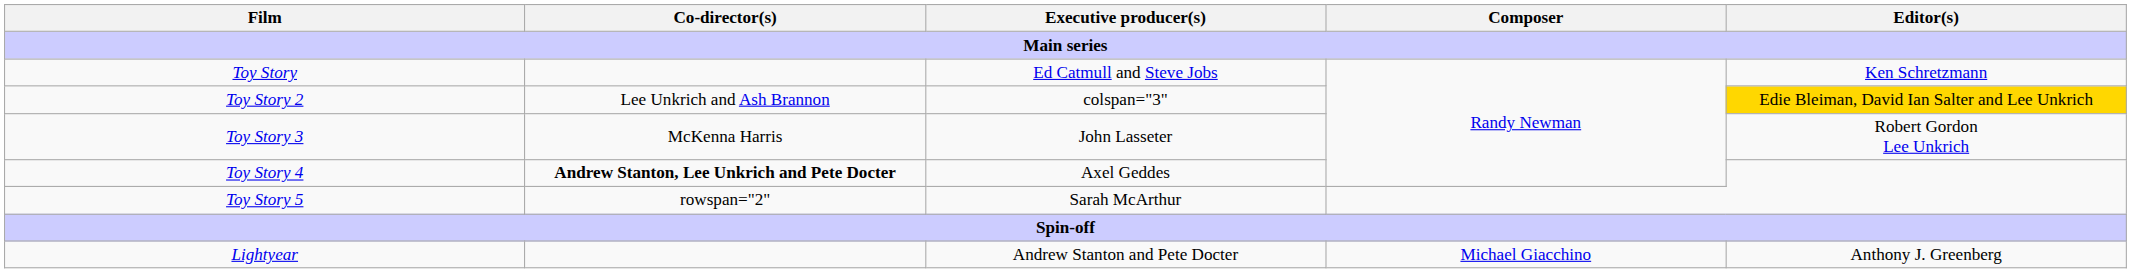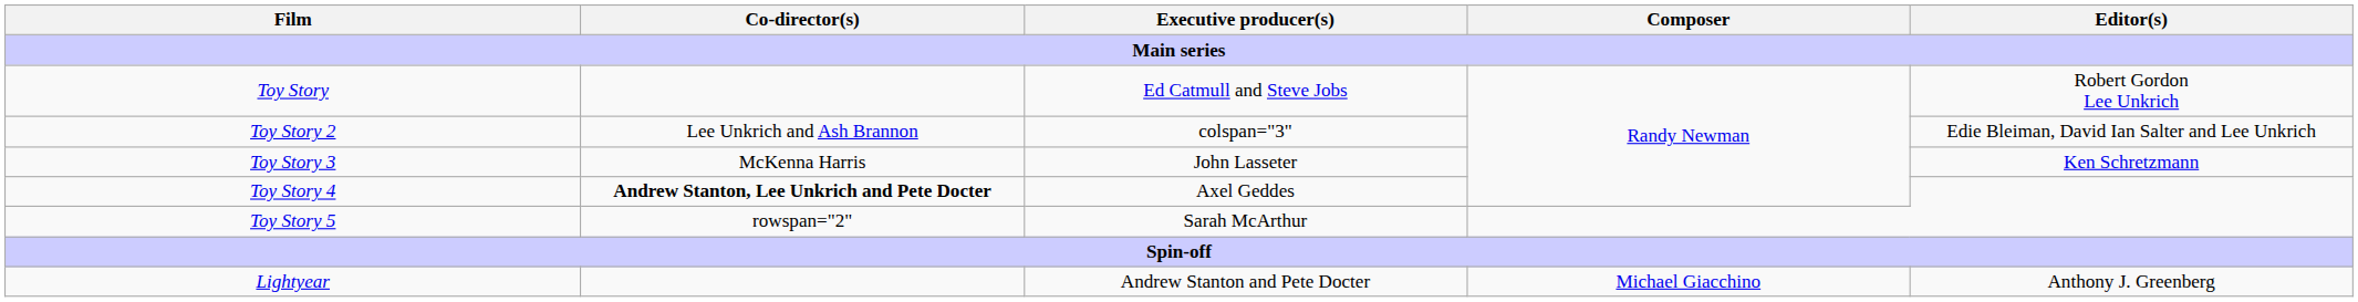 <table class="wikitable" style="width:100%; text-align:center;">
 <tr>
 <th width=13%>Film</th>
 <th width=10%>Co-director(s)</th>
 <th width=10%>Executive producer(s)</th>
 <th width=10%>Composer</th>
 <th width=10%>Editor(s)</th>
 </tr>
 <tr>
 <th colspan="5" scope="col" style="background-color:#ccccff;">Main series</th>
 </tr>
 <tr>
 <td><em><a href='#'>Toy Story</a></em></td>
 <td></td>
 <td><a href='#'>Ed Catmull</a> and <a href='#'>Steve Jobs</a></td>
 <td rowspan="4"><a href='#'>Randy Newman</a></td>
-<td><a href='#'>Ken Schretzmann</a></td>
+<td>Robert Gordon <br><a href='#'>Lee Unkrich</a></td>
 </tr>
 <tr>
 <td><em><a href='#'>Toy Story 2</a></em></td>
 <td>Lee Unkrich and <a href='#'>Ash Brannon</a></td>
 <td>colspan="3" </td>
-<td style="background: gold;">Edie Bleiman, David Ian Salter and Lee Unkrich</td>
+<td>Edie Bleiman, David Ian Salter and Lee Unkrich</td>
 </tr>
 <tr>
 <td><em><a href='#'>Toy Story 3</a></em></td>
 <td>McKenna Harris</td>
 <td>John Lasseter</td>
-<td>Robert Gordon <br><a href='#'>Lee Unkrich</a></td>
+<td><a href='#'>Ken Schretzmann</a></td>
 </tr>
 <tr>
 <td><em><a href='#'>Toy Story 4</a></em></td>
 <td><strong>Andrew Stanton, Lee Unkrich and Pete Docter</strong></td>
 <td>Axel Geddes</td>
 </tr>
 <tr>
 <td><em><a href='#'>Toy Story 5</a></em></td>
 <td>rowspan="2" </td>
 <td>Sarah McArthur</td>
 </tr>
 <tr>
 <th colspan="5" scope="col" style="background-color:#ccccff;">Spin-off</th>
 </tr>
 <tr>
 <td><em><a href='#'>Lightyear</a></em></td>
 <td></td>
 <td>Andrew Stanton and Pete Docter</td>
 <td><a href='#'>Michael Giacchino</a></td>
 <td>Anthony J. Greenberg</td>
 </tr>
 </table>
